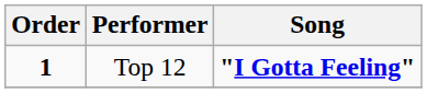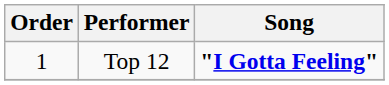 <table class="wikitable" style="text-align:center">
 <tr>
 <th>Order</th>
 <th>Performer</th>
 <th>Song</th>
 </tr>
 <tr>
-<td><strong>1</strong></td>
+<td>1</td>
 <td>Top 12</td>
 <td><strong>"<a href='#'>I Gotta Feeling</a>"</strong></td>
 </tr>
 <tr>
 </tr>
 </table>
